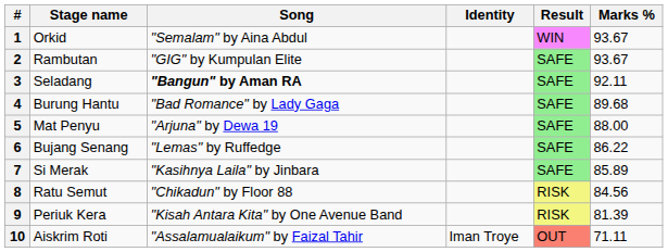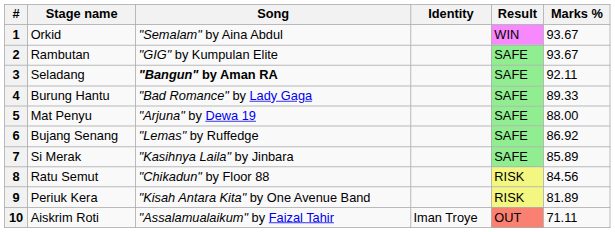 <table class="wikitable plainrowheaders" style="width: 60%; style=text-align: center;">
 <tr>
 <th>#</th>
 <th>Stage name</th>
 <th>Song</th>
 <th>Identity</th>
 <th>Result</th>
 <th>Marks %</th>
 </tr>
 <tr>
 <th>1</th>
 <td>Orkid</td>
 <td><em>"Semalam"</em> by Aina Abdul</td>
 <td></td>
 <td bgcolor=#F888FD>WIN</td>
 <td>93.67</td>
 </tr>
 <tr>
 <th>2</th>
 <td>Rambutan</td>
 <td><em>"GIG"</em> by Kumpulan Elite</td>
 <td></td>
 <td bgcolor="lightgreen">SAFE</td>
 <td>93.67</td>
 </tr>
 <tr>
 <th>3</th>
 <td>Seladang</td>
 <td><strong><em>"Bangun"</em> by Aman RA</strong></td>
 <td></td>
 <td bgcolor="lightgreen">SAFE</td>
 <td>92.11</td>
 </tr>
 <tr>
 <th>4</th>
 <td>Burung Hantu</td>
 <td><em>"Bad Romance"</em> by <a href='#'>Lady Gaga</a></td>
 <td></td>
 <td bgcolor="lightgreen">SAFE</td>
-<td>89.68</td>
+<td>89.33</td>
 </tr>
 <tr>
 <th>5</th>
 <td>Mat Penyu</td>
 <td><em>"Arjuna"</em> by <a href='#'>Dewa 19</a></td>
 <td></td>
 <td bgcolor="lightgreen">SAFE</td>
 <td>88.00</td>
 </tr>
 <tr>
 <th>6</th>
 <td>Bujang Senang</td>
 <td><em>"Lemas"</em> by Ruffedge</td>
 <td></td>
 <td bgcolor="lightgreen">SAFE</td>
-<td>86.22</td>
+<td>86.92</td>
 </tr>
 <tr>
 <th>7</th>
 <td>Si Merak</td>
 <td><em>"Kasihnya Laila"</em> by Jinbara</td>
 <td></td>
 <td bgcolor="lightgreen">SAFE</td>
 <td>85.89</td>
 </tr>
 <tr>
 <th>8</th>
 <td>Ratu Semut</td>
 <td><em>"Chikadun"</em> by Floor 88</td>
 <td></td>
 <td bgcolor=#F3F781>RISK</td>
 <td>84.56</td>
 </tr>
 <tr>
 <th>9</th>
 <td>Periuk Kera</td>
 <td><em>"Kisah Antara Kita"</em> by One Avenue Band</td>
 <td></td>
 <td bgcolor=#F3F781>RISK</td>
-<td>81.39</td>
+<td>81.89</td>
 </tr>
 <tr>
 <th>10</th>
 <td>Aiskrim Roti</td>
 <td><em>"Assalamualaikum"</em> by <a href='#'>Faizal Tahir</a></td>
 <td>Iman Troye</td>
 <td bgcolor=salmon>OUT</td>
 <td>71.11</td>
 </tr>
 </table>
